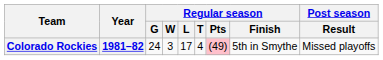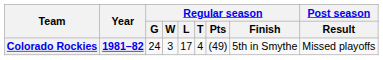 <table class="wikitable" style="font-size: 95%; text-align:center;">
 <tr>
 <th rowspan="2">Team</th>
 <th rowspan="2">Year</th>
 <th colspan="6"><a href='#'>Regular season</a></th>
 <th colspan="1"><a href='#'>Post season</a></th>
 </tr>
 <tr>
 <th>G</th>
 <th>W</th>
 <th>L</th>
 <th>T</th>
 <th>Pts</th>
 <th>Finish</th>
 <th>Result</th>
 </tr>
 <tr>
 <th><a href='#'>Colorado Rockies</a></th>
 <th><a href='#'>1981–82</a></th>
 <td>24</td>
 <td>3</td>
 <td>17</td>
 <td>4</td>
-<td style="background: pink;">(49)</td>
+<td>(49)</td>
 <td>5th in Smythe</td>
 <td>Missed playoffs</td>
 </tr>
 </table>
